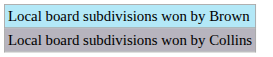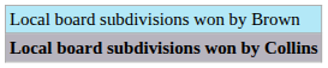 <table class="wikitable">
 <tr bgcolor="#B3E8F7">
 <td>Local board subdivisions won by Brown</td>
 </tr>
 <tr bgcolor="#B7B4BE">
-<td>Local board subdivisions won by Collins</td>
+<td><strong>Local board subdivisions won by Collins</strong></td>
 </tr>
 </table>
